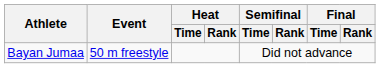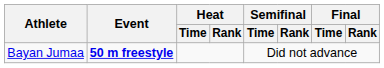 <table class=wikitable style="font-size:90%">
 <tr>
 <th rowspan="2">Athlete</th>
 <th rowspan="2">Event</th>
 <th colspan="2">Heat</th>
 <th colspan="2">Semifinal</th>
 <th colspan="2">Final</th>
 </tr>
 <tr style="font-size:95%">
 <th>Time</th>
 <th>Rank</th>
 <th>Time</th>
 <th>Rank</th>
 <th>Time</th>
 <th>Rank</th>
 </tr>
 <tr align=center>
 <td align=left><a href='#'>Bayan Jumaa</a></td>
-<td align=left><a href='#'>50 m freestyle</a></td>
+<td align=left><strong><a href='#'>50 m freestyle</a></strong></td>
 <td colspan=2></td>
 <td colspan=4>Did not advance</td>
 </tr>
 </table>
